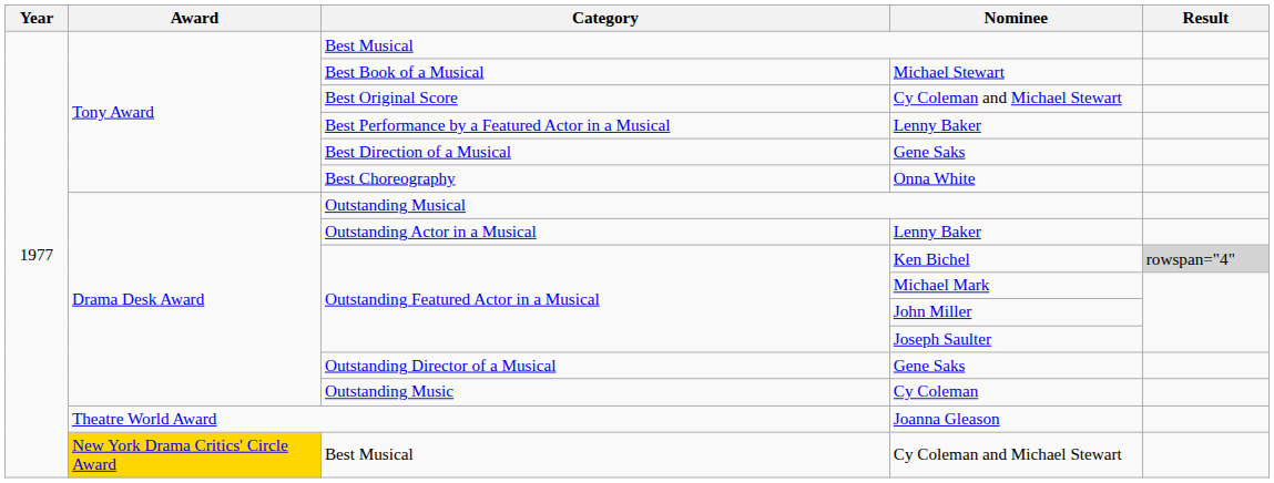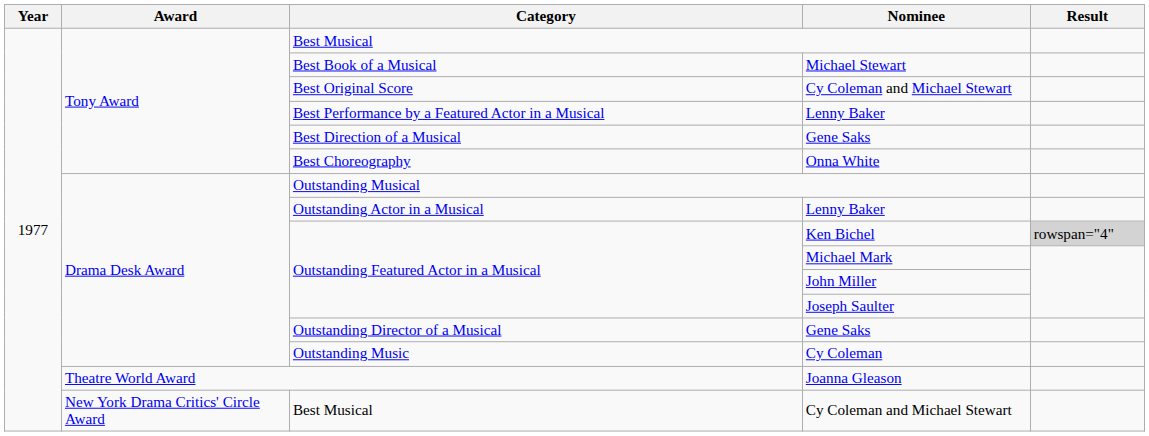 <table class="wikitable" width="95%">
 <tr>
 <th width="5%">Year</th>
 <th width="20%">Award</th>
 <th width="45%">Category</th>
 <th width="20%">Nominee</th>
 <th width="10%">Result</th>
 </tr>
 <tr>
 <td rowspan="16" align="center">1977</td>
 <td rowspan="6"><a href='#'>Tony Award</a></td>
 <td colspan="2"><a href='#'>Best Musical</a></td>
 <td></td>
 </tr>
 <tr>
 <td><a href='#'>Best Book of a Musical</a></td>
 <td><a href='#'>Michael Stewart</a></td>
 <td></td>
 </tr>
 <tr>
 <td><a href='#'>Best Original Score</a></td>
 <td><a href='#'>Cy Coleman</a> and <a href='#'>Michael Stewart</a></td>
 <td></td>
 </tr>
 <tr>
 <td><a href='#'>Best Performance by a Featured Actor in a Musical</a></td>
 <td><a href='#'>Lenny Baker</a></td>
 <td></td>
 </tr>
 <tr>
 <td><a href='#'>Best Direction of a Musical</a></td>
 <td><a href='#'>Gene Saks</a></td>
 <td></td>
 </tr>
 <tr>
 <td><a href='#'>Best Choreography</a></td>
 <td><a href='#'>Onna White</a></td>
 <td></td>
 </tr>
 <tr>
 <td rowspan="8"><a href='#'>Drama Desk Award</a></td>
 <td colspan="2"><a href='#'>Outstanding Musical</a></td>
 <td></td>
 </tr>
 <tr>
 <td><a href='#'>Outstanding Actor in a Musical</a></td>
 <td><a href='#'>Lenny Baker</a></td>
 <td></td>
 </tr>
 <tr>
 <td rowspan="4"><a href='#'>Outstanding Featured Actor in a Musical</a></td>
 <td><a href='#'>Ken Bichel</a></td>
 <td style="background: lightgrey;">rowspan="4" </td>
 </tr>
 <tr>
 <td><a href='#'>Michael Mark</a></td>
 </tr>
 <tr>
 <td><a href='#'>John Miller</a></td>
 </tr>
 <tr>
 <td><a href='#'>Joseph Saulter</a></td>
 </tr>
 <tr>
 <td><a href='#'>Outstanding Director of a Musical</a></td>
 <td><a href='#'>Gene Saks</a></td>
 <td></td>
 </tr>
 <tr>
 <td><a href='#'>Outstanding Music</a></td>
 <td><a href='#'>Cy Coleman</a></td>
 <td></td>
 </tr>
 <tr>
 <td colspan="2"><a href='#'>Theatre World Award</a></td>
 <td><a href='#'>Joanna Gleason</a></td>
 <td></td>
 </tr>
 <tr>
-<td style="background: gold;"><a href='#'>New York Drama Critics' Circle Award</a></td>
+<td><a href='#'>New York Drama Critics' Circle Award</a></td>
 <td>Best Musical</td>
 <td>Cy Coleman and Michael Stewart</td>
 <td></td>
 </tr>
 </table>
